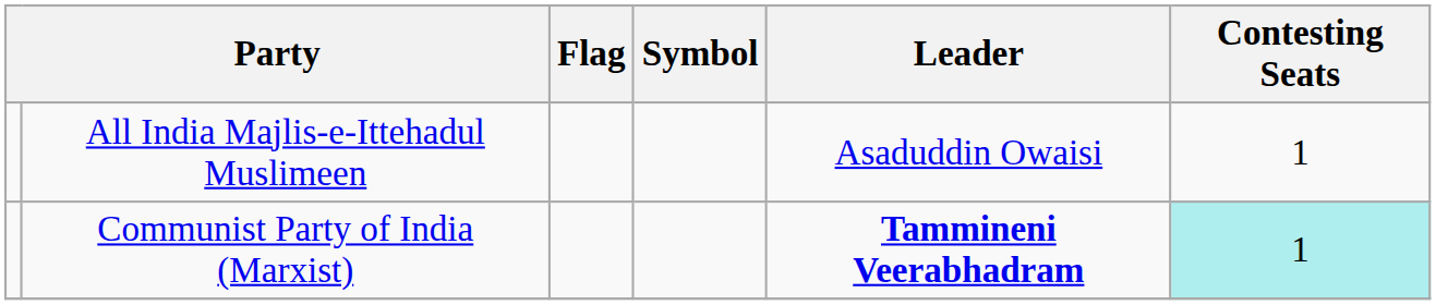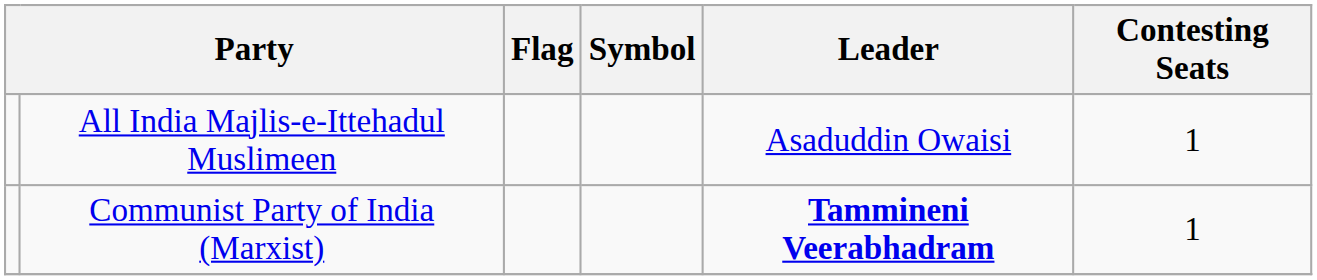 <table class="wikitable" width="50%" style="text-align:center">
 <tr>
 <th colspan="2">Party</th>
 <th>Flag</th>
 <th>Symbol</th>
 <th>Leader</th>
 <th>Contesting Seats</th>
 </tr>
 <tr>
 <td></td>
 <td><a href='#'>All India Majlis-e-Ittehadul Muslimeen</a></td>
 <td></td>
 <td></td>
 <td><a href='#'>Asaduddin Owaisi</a></td>
 <td>1</td>
 </tr>
 <tr>
 <td></td>
 <td><a href='#'>Communist Party of India (Marxist)</a></td>
 <td></td>
 <td></td>
 <td><strong><a href='#'>Tammineni Veerabhadram</a></strong></td>
-<td style="background: paleturquoise;">1</td>
+<td>1</td>
 </tr>
 <tr>
 </tr>
 </table>
